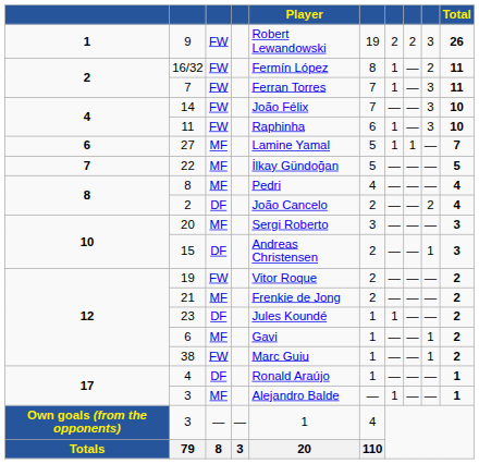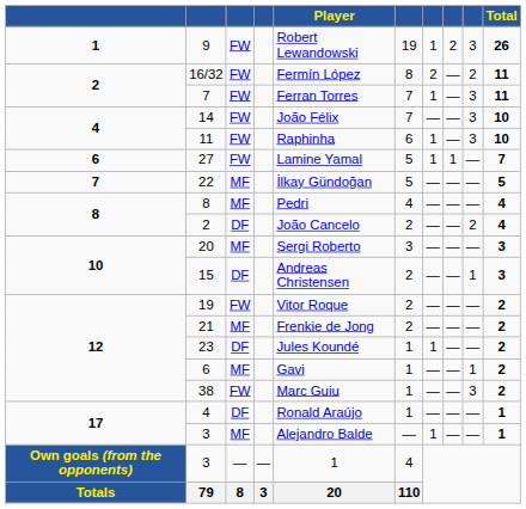 <table class="wikitable" style="text-align:center">
 <tr>
 <th style="background:#26559B;color:#FFF000;"></th>
 <th style="background:#26559B;color:#FFF000;"></th>
 <th style="background:#26559B;color:#FFF000;"></th>
 <th style="background:#26559B;color:#FFF000;"></th>
 <th style="background:#26559B;color:#FFF000;">Player</th>
 <th style="background:#26559B;color:#FFF000;"></th>
 <th style="background:#26559B;color:#FFF000;"></th>
 <th style="background:#26559B;color:#FFF000;"></th>
 <th style="background:#26559B;color:#FFF000;"></th>
 <th style="background:#26559B;color:#FFF000;">Total</th>
 </tr>
 <tr>
 <td><strong>1</strong></td>
 <td>9</td>
 <td><a href='#'>FW</a></td>
 <td></td>
 <td style="text-align:left"><a href='#'>Robert Lewandowski</a></td>
 <td>19</td>
-<td>2</td>
+<td>1</td>
 <td>2</td>
 <td>3</td>
 <td><strong>26</strong></td>
 </tr>
 <tr>
 <td rowspan=2><strong>2</strong></td>
 <td>16/32</td>
 <td><a href='#'>FW</a></td>
 <td></td>
 <td style="text-align:left"><a href='#'>Fermín López</a></td>
 <td>8</td>
-<td>1</td>
+<td>2</td>
 <td>—</td>
 <td>2</td>
 <td><strong>11</strong></td>
 </tr>
 <tr>
 <td>7</td>
 <td><a href='#'>FW</a></td>
 <td></td>
 <td style="text-align:left"><a href='#'>Ferran Torres</a></td>
 <td>7</td>
 <td>1</td>
 <td>—</td>
 <td>3</td>
 <td><strong>11</strong></td>
 </tr>
 <tr>
 <td rowspan=2><strong>4</strong></td>
 <td>14</td>
 <td><a href='#'>FW</a></td>
 <td></td>
 <td style="text-align:left"><a href='#'>João Félix</a></td>
 <td>7</td>
 <td>—</td>
 <td>—</td>
 <td>3</td>
 <td><strong>10</strong></td>
 </tr>
 <tr>
 <td>11</td>
 <td><a href='#'>FW</a></td>
 <td></td>
 <td style="text-align:left"><a href='#'>Raphinha</a></td>
 <td>6</td>
 <td>1</td>
 <td>—</td>
 <td>3</td>
 <td><strong>10</strong></td>
 </tr>
 <tr>
 <td><strong>6</strong></td>
 <td>27</td>
-<td><a href='#'>MF</a></td>
+<td><a href='#'>FW</a></td>
 <td></td>
 <td style="text-align:left"><a href='#'>Lamine Yamal</a></td>
 <td>5</td>
 <td>1</td>
 <td>1</td>
 <td>—</td>
 <td><strong>7</strong></td>
 </tr>
 <tr>
 <td><strong>7</strong></td>
 <td>22</td>
 <td><a href='#'>MF</a></td>
 <td></td>
 <td style="text-align:left"><a href='#'>İlkay Gündoğan</a></td>
 <td>5</td>
 <td>—</td>
 <td>—</td>
 <td>—</td>
 <td><strong>5</strong></td>
 </tr>
 <tr>
 <td rowspan=2><strong>8</strong></td>
 <td>8</td>
 <td><a href='#'>MF</a></td>
 <td></td>
 <td style="text-align:left"><a href='#'>Pedri</a></td>
 <td>4</td>
 <td>—</td>
 <td>—</td>
 <td>—</td>
 <td><strong>4</strong></td>
 </tr>
 <tr>
 <td>2</td>
 <td><a href='#'>DF</a></td>
 <td></td>
 <td style="text-align:left"><a href='#'>João Cancelo</a></td>
 <td>2</td>
 <td>—</td>
 <td>—</td>
 <td>2</td>
 <td><strong>4</strong></td>
 </tr>
 <tr>
 <td rowspan=2><strong>10</strong></td>
 <td>20</td>
 <td><a href='#'>MF</a></td>
 <td></td>
 <td style="text-align:left"><a href='#'>Sergi Roberto</a></td>
 <td>3</td>
 <td>—</td>
 <td>—</td>
 <td>—</td>
 <td><strong>3</strong></td>
 </tr>
 <tr>
 <td>15</td>
 <td><a href='#'>DF</a></td>
 <td></td>
 <td style="text-align:left"><a href='#'>Andreas Christensen</a></td>
 <td>2</td>
 <td>—</td>
 <td>—</td>
 <td>1</td>
 <td><strong>3</strong></td>
 </tr>
 <tr>
 <td rowspan=5><strong>12</strong></td>
 <td>19</td>
 <td><a href='#'>FW</a></td>
 <td></td>
 <td style="text-align:left"><a href='#'>Vitor Roque</a></td>
 <td>2</td>
 <td>—</td>
 <td>—</td>
 <td>—</td>
 <td><strong>2</strong></td>
 </tr>
 <tr>
 <td>21</td>
 <td><a href='#'>MF</a></td>
 <td></td>
 <td style="text-align:left"><a href='#'>Frenkie de Jong</a></td>
 <td>2</td>
 <td>—</td>
 <td>—</td>
 <td>—</td>
 <td><strong>2</strong></td>
 </tr>
 <tr>
 <td>23</td>
 <td><a href='#'>DF</a></td>
 <td></td>
 <td style="text-align:left"><a href='#'>Jules Koundé</a></td>
 <td>1</td>
 <td>1</td>
 <td>—</td>
 <td>—</td>
 <td><strong>2</strong></td>
 </tr>
 <tr>
 <td>6</td>
 <td><a href='#'>MF</a></td>
 <td></td>
 <td style="text-align:left"><a href='#'>Gavi</a></td>
 <td>1</td>
 <td>—</td>
 <td>—</td>
 <td>1</td>
 <td><strong>2</strong></td>
 </tr>
 <tr>
 <td>38</td>
 <td><a href='#'>FW</a></td>
 <td></td>
 <td style="text-align:left"><a href='#'>Marc Guiu</a></td>
 <td>1</td>
 <td>—</td>
 <td>—</td>
-<td>1</td>
+<td>3</td>
 <td><strong>2</strong></td>
 </tr>
 <tr>
 <td rowspan=2><strong>17</strong></td>
 <td>4</td>
 <td><a href='#'>DF</a></td>
 <td></td>
 <td style="text-align:left"><a href='#'>Ronald Araújo</a></td>
 <td>1</td>
 <td>—</td>
 <td>—</td>
 <td>—</td>
 <td><strong>1</strong></td>
 </tr>
 <tr>
 <td>3</td>
 <td><a href='#'>MF</a></td>
 <td></td>
 <td style="text-align:left"><a href='#'>Alejandro Balde</a></td>
 <td>—</td>
 <td>1</td>
 <td>—</td>
 <td>—</td>
 <td><strong>1</strong></td>
 </tr>
 <tr>
 <td style="background:#26559B;color:#FFF000;"><strong>Own goals <em>(from the opponents)<strong><em></td>
 <td>3</td>
 <td>—</td>
 <td>—</td>
 <td>1</td>
 <td></strong>4<strong></td>
 </tr>
 <tr>
 <th style="background:#26559B;color:#FFF000;">Totals</th>
 <th></strong>79<strong></th>
 <th></strong>8<strong></th>
 <th></strong>3<strong></th>
 <th></strong>20<strong></th>
 <th></strong>110<strong></th>
 </tr>
 </table>
